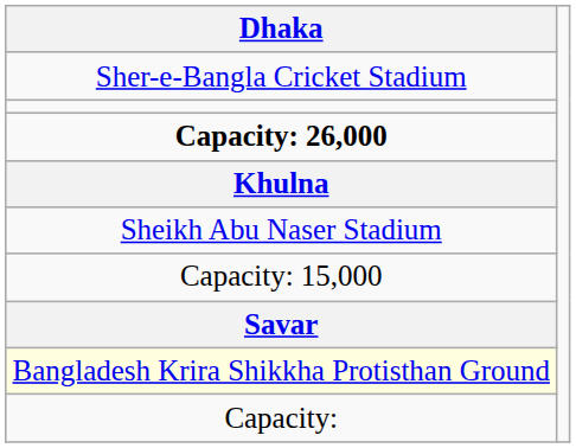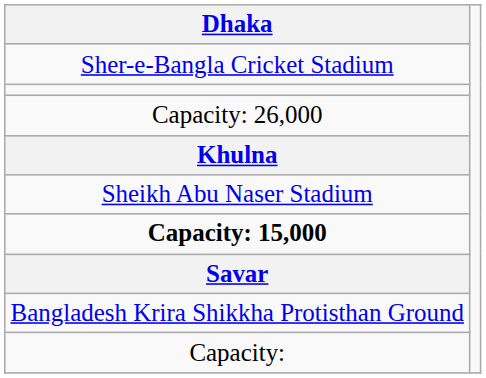 <table class="wikitable" style="text-align:center;">
 <tr>
 <th width:"33%"><a href='#'>Dhaka</a></th>
 <td rowspan="11"></td>
 </tr>
 <tr>
 <td><a href='#'>Sher-e-Bangla Cricket Stadium</a></td>
 </tr>
 <tr>
 <td></td>
 </tr>
 <tr>
-<td><strong>Capacity: 26,000</strong></td>
+<td>Capacity: 26,000</td>
 </tr>
 <tr>
 <th><a href='#'>Khulna</a></th>
 </tr>
 <tr>
 <td><a href='#'>Sheikh Abu Naser Stadium</a></td>
 </tr>
 <tr>
-<td>Capacity: 15,000</td>
+<td><strong>Capacity: 15,000</strong></td>
 </tr>
 <tr>
 <th><a href='#'>Savar</a></th>
 </tr>
 <tr>
-<td style="background: lightyellow;"><a href='#'>Bangladesh Krira Shikkha Protisthan Ground</a></td>
+<td><a href='#'>Bangladesh Krira Shikkha Protisthan Ground</a></td>
 </tr>
 <tr>
 <td>Capacity:</td>
 </tr>
 </table>
